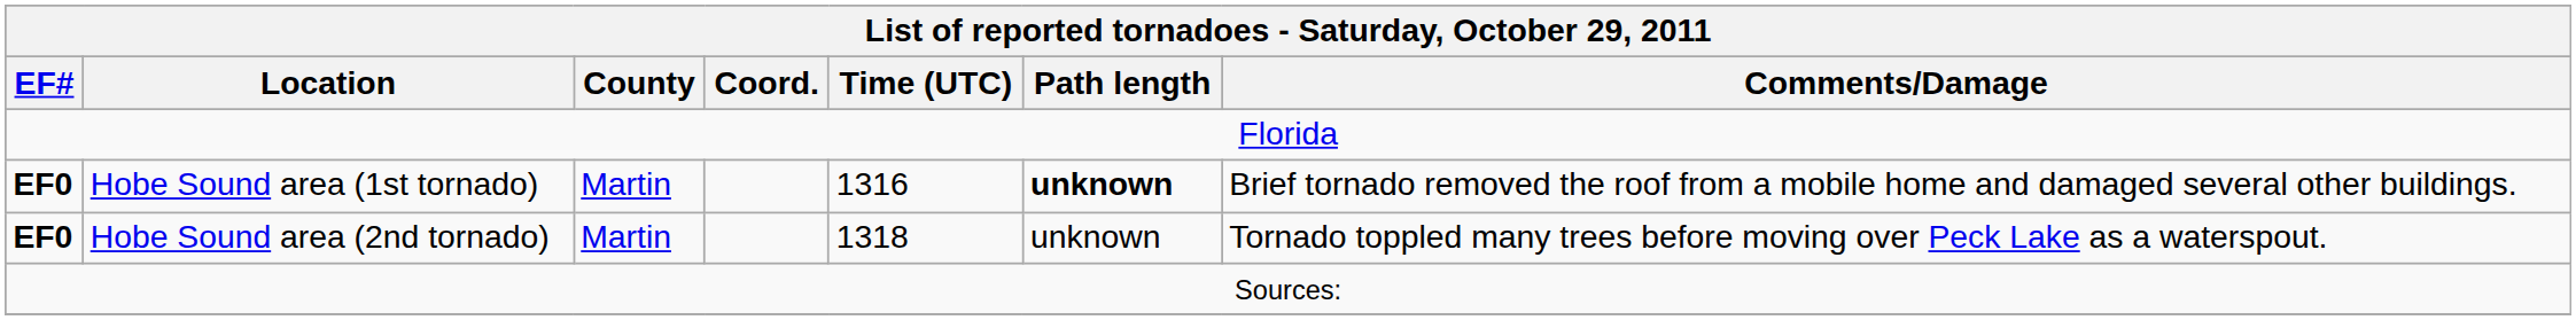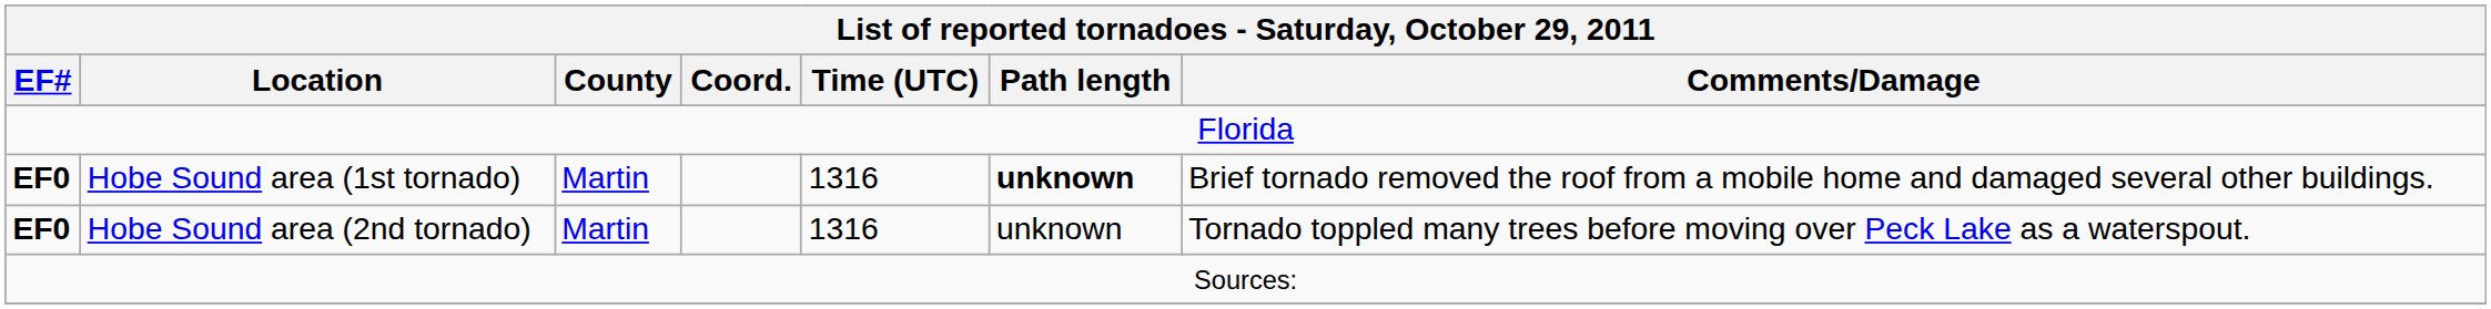 <table class="wikitable collapsible" width="100%">
 <tr>
 <th colspan="7">List of reported tornadoes - Saturday, October 29, 2011</th>
 </tr>
 <tr>
 <th><a href='#'>EF#</a></th>
 <th>Location</th>
 <th>County</th>
 <th>Coord.</th>
 <th>Time (UTC)</th>
 <th>Path length</th>
 <th>Comments/Damage</th>
 </tr>
 <tr>
 <td colspan="7" align=center><a href='#'>Florida</a></td>
 </tr>
 <tr>
 <td><strong>EF0</strong></td>
 <td><a href='#'>Hobe Sound</a> area (1st tornado)</td>
 <td><a href='#'>Martin</a></td>
 <td></td>
 <td>1316</td>
 <td><strong>unknown</strong></td>
 <td>Brief tornado removed the roof from a mobile home and damaged several other buildings.</td>
 </tr>
 <tr>
 <td><strong>EF0</strong></td>
 <td><a href='#'>Hobe Sound</a> area (2nd tornado)</td>
 <td><a href='#'>Martin</a></td>
 <td></td>
-<td>1318</td>
+<td>1316</td>
 <td>unknown</td>
 <td>Tornado toppled many trees before moving over <a href='#'>Peck Lake</a> as a waterspout.</td>
 </tr>
 <tr>
 <td colspan="7" align=center><small>Sources: </small></td>
 </tr>
 <tr>
 </tr>
 </table>
